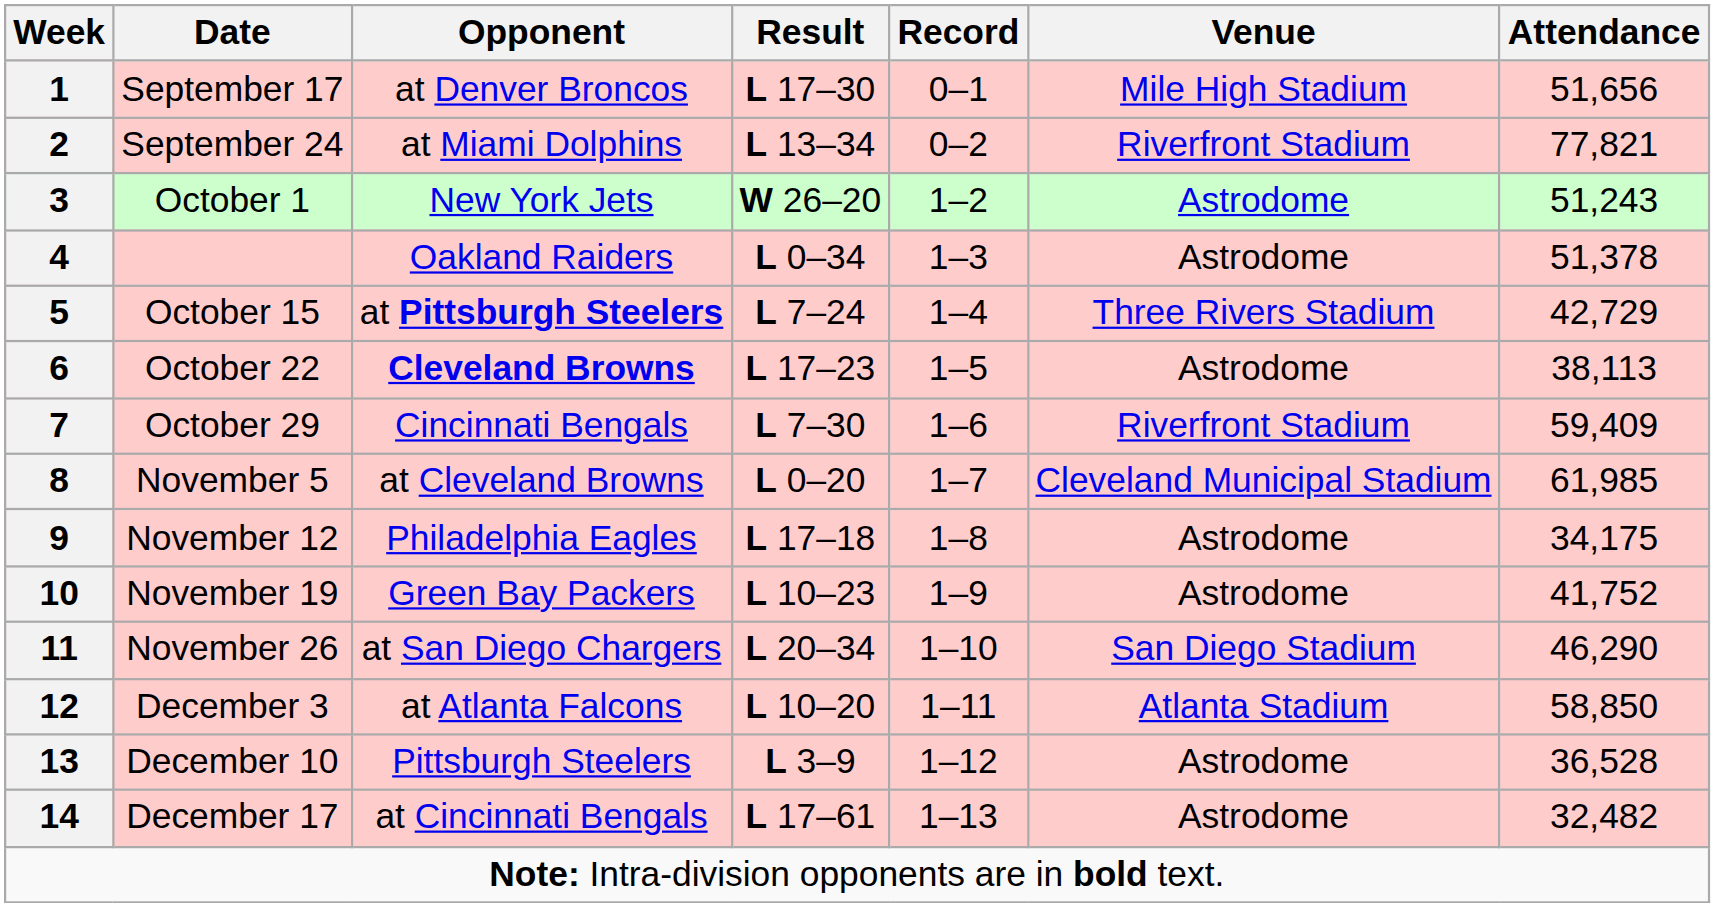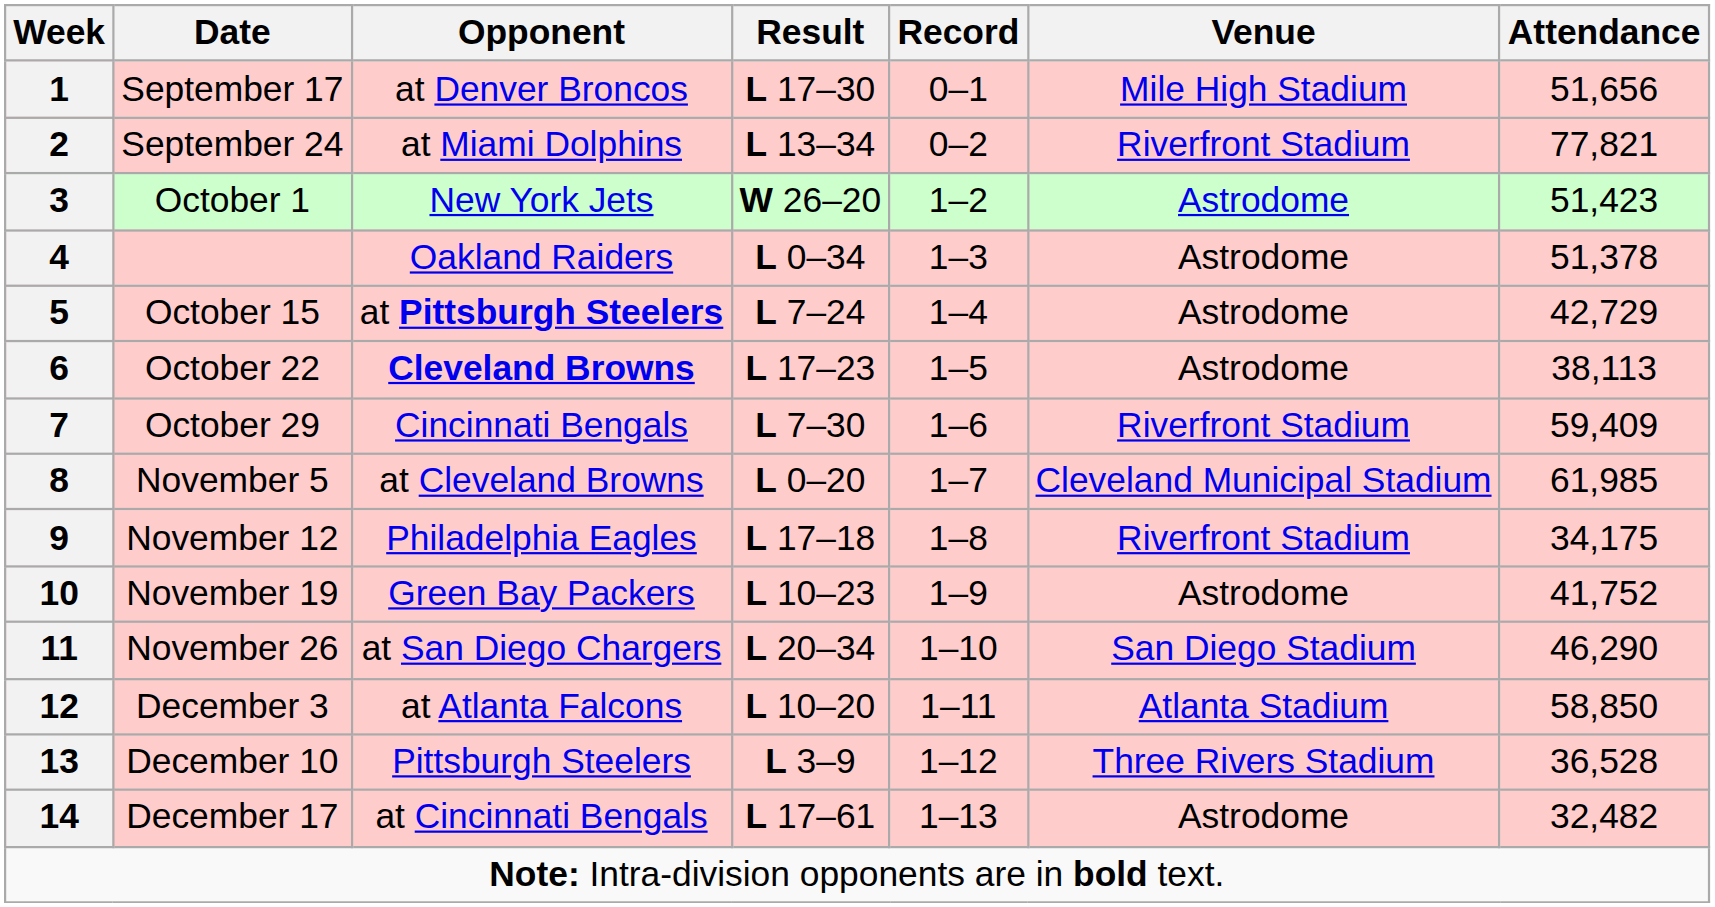 <table class="wikitable" style="text-align:center">
 <tr>
 <th>Week</th>
 <th>Date</th>
 <th>Opponent</th>
 <th>Result</th>
 <th>Record</th>
 <th>Venue</th>
 <th>Attendance</th>
 </tr>
 <tr style="background:#fcc">
 <th>1</th>
 <td>September 17</td>
 <td>at <a href='#'>Denver Broncos</a></td>
 <td><strong>L</strong> 17–30</td>
 <td>0–1</td>
 <td><a href='#'>Mile High Stadium</a></td>
 <td>51,656</td>
 </tr>
 <tr style="background:#fcc">
 <th>2</th>
 <td>September 24</td>
 <td>at <a href='#'>Miami Dolphins</a></td>
 <td><strong>L</strong> 13–34</td>
 <td>0–2</td>
 <td><a href='#'>Riverfront Stadium</a></td>
 <td>77,821</td>
 </tr>
 <tr style="background:#cfc">
 <th>3</th>
 <td>October 1</td>
 <td><a href='#'>New York Jets</a></td>
 <td><strong>W</strong> 26–20</td>
 <td>1–2</td>
 <td><a href='#'>Astrodome</a></td>
-<td>51,243</td>
+<td>51,423</td>
 </tr>
 <tr style="background:#fcc">
 <th>4</th>
 <td></td>
 <td><a href='#'>Oakland Raiders</a></td>
 <td><strong>L</strong> 0–34</td>
 <td>1–3</td>
 <td>Astrodome</td>
 <td>51,378</td>
 </tr>
 <tr style="background:#fcc">
 <th>5</th>
 <td>October 15</td>
 <td>at <strong><a href='#'>Pittsburgh Steelers</a></strong></td>
 <td><strong>L</strong> 7–24</td>
 <td>1–4</td>
-<td><a href='#'>Three Rivers Stadium</a></td>
+<td>Astrodome</td>
 <td>42,729</td>
 </tr>
 <tr style="background:#fcc">
 <th>6</th>
 <td>October 22</td>
 <td><strong><a href='#'>Cleveland Browns</a></strong></td>
 <td><strong>L</strong> 17–23</td>
 <td>1–5</td>
 <td>Astrodome</td>
 <td>38,113</td>
 </tr>
 <tr style="background:#fcc">
 <th>7</th>
 <td>October 29</td>
 <td><a href='#'>Cincinnati Bengals</a></td>
 <td><strong>L</strong> 7–30</td>
 <td>1–6</td>
 <td><a href='#'>Riverfront Stadium</a></td>
 <td>59,409</td>
 </tr>
 <tr style="background:#fcc">
 <th>8</th>
 <td>November 5</td>
 <td>at <a href='#'>Cleveland Browns</a></td>
 <td><strong>L</strong> 0–20</td>
 <td>1–7</td>
 <td><a href='#'>Cleveland Municipal Stadium</a></td>
 <td>61,985</td>
 </tr>
 <tr style="background:#fcc">
 <th>9</th>
 <td>November 12</td>
 <td><a href='#'>Philadelphia Eagles</a></td>
 <td><strong>L</strong> 17–18</td>
 <td>1–8</td>
-<td>Astrodome</td>
+<td><a href='#'>Riverfront Stadium</a></td>
 <td>34,175</td>
 </tr>
 <tr style="background:#fcc">
 <th>10</th>
 <td>November 19</td>
 <td><a href='#'>Green Bay Packers</a></td>
 <td><strong>L</strong> 10–23</td>
 <td>1–9</td>
 <td>Astrodome</td>
 <td>41,752</td>
 </tr>
 <tr style="background:#fcc">
 <th>11</th>
 <td>November 26</td>
 <td>at <a href='#'>San Diego Chargers</a></td>
 <td><strong>L</strong> 20–34</td>
 <td>1–10</td>
 <td><a href='#'>San Diego Stadium</a></td>
 <td>46,290</td>
 </tr>
 <tr style="background:#fcc">
 <th>12</th>
 <td>December 3</td>
 <td>at <a href='#'>Atlanta Falcons</a></td>
 <td><strong>L</strong> 10–20</td>
 <td>1–11</td>
 <td><a href='#'>Atlanta Stadium</a></td>
 <td>58,850</td>
 </tr>
 <tr style="background:#fcc">
 <th>13</th>
 <td>December 10</td>
 <td><a href='#'>Pittsburgh Steelers</a></td>
 <td><strong>L</strong> 3–9</td>
 <td>1–12</td>
-<td>Astrodome</td>
+<td><a href='#'>Three Rivers Stadium</a></td>
 <td>36,528</td>
 </tr>
 <tr style="background:#fcc">
 <th>14</th>
 <td>December 17</td>
 <td>at <a href='#'>Cincinnati Bengals</a></td>
 <td><strong>L</strong> 17–61</td>
 <td>1–13</td>
 <td>Astrodome</td>
 <td>32,482</td>
 </tr>
 <tr>
 <td colspan="8"><strong>Note:</strong> Intra-division opponents are in <strong>bold</strong> text.</td>
 </tr>
 </table>
